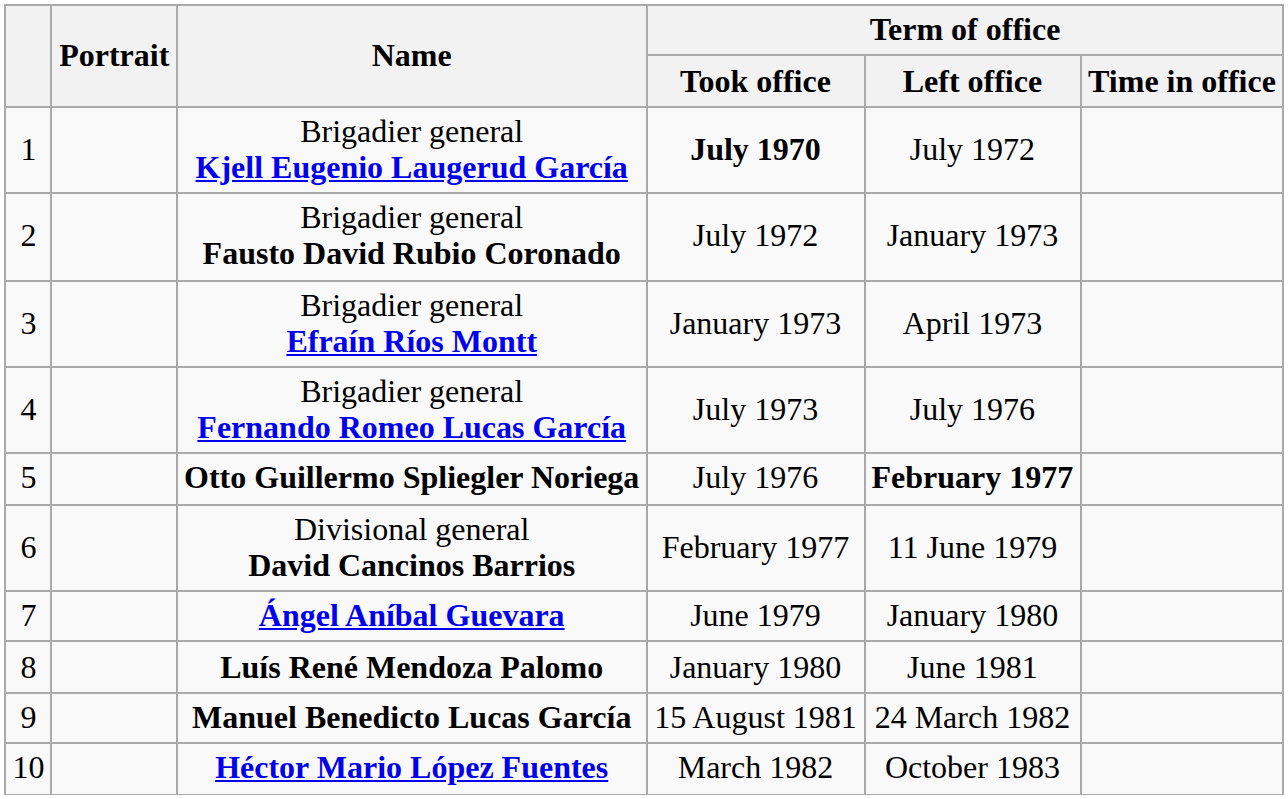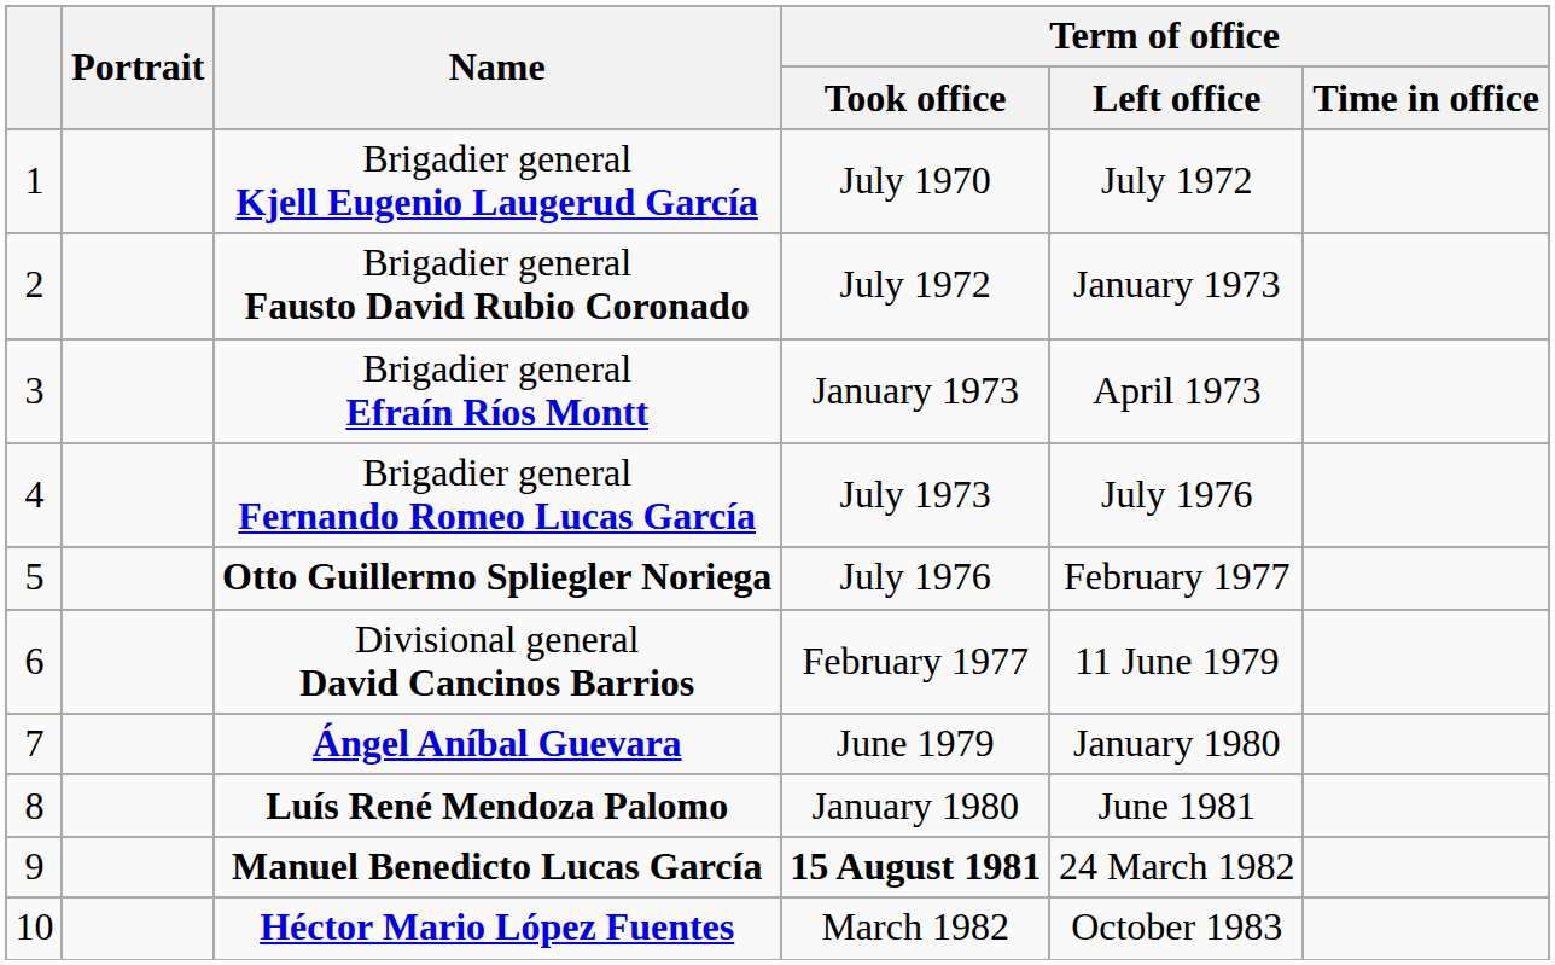 <table class="wikitable" style="text-align:center">
 <tr>
 <th rowspan=2></th>
 <th rowspan=2>Portrait</th>
 <th rowspan=2>Name<br></th>
 <th colspan=3>Term of office</th>
 </tr>
 <tr>
 <th>Took office</th>
 <th>Left office</th>
 <th>Time in office</th>
 </tr>
 <tr>
 <td>1</td>
 <td></td>
 <td>Brigadier general<br><strong><a href='#'>Kjell Eugenio Laugerud García</a></strong><br></td>
-<td><strong>July 1970</strong></td>
+<td>July 1970</td>
 <td>July 1972</td>
 <td></td>
 </tr>
 <tr>
 <td>2</td>
 <td></td>
 <td>Brigadier general<br><strong>Fausto David Rubio Coronado</strong></td>
 <td>July 1972</td>
 <td>January 1973</td>
 <td></td>
 </tr>
 <tr>
 <td>3</td>
 <td></td>
 <td>Brigadier general<br><strong><a href='#'>Efraín Ríos Montt</a></strong><br></td>
 <td>January 1973</td>
 <td>April 1973</td>
 <td></td>
 </tr>
 <tr>
 <td>4</td>
 <td></td>
 <td>Brigadier general<br><strong><a href='#'>Fernando Romeo Lucas García</a></strong><br></td>
 <td>July 1973</td>
 <td>July 1976</td>
 <td></td>
 </tr>
 <tr>
 <td>5</td>
 <td></td>
 <td><strong>Otto Guillermo Spliegler Noriega</strong></td>
 <td>July 1976</td>
-<td><strong>February 1977</strong></td>
+<td>February 1977</td>
 <td></td>
 </tr>
 <tr>
 <td>6</td>
 <td></td>
 <td>Divisional general<br><strong>David Cancinos Barrios</strong><br></td>
 <td>February 1977</td>
 <td>11 June 1979</td>
 <td></td>
 </tr>
 <tr>
 <td>7</td>
 <td></td>
 <td><strong><a href='#'>Ángel Aníbal Guevara</a></strong><br></td>
 <td>June 1979</td>
 <td>January 1980</td>
 <td></td>
 </tr>
 <tr>
 <td>8</td>
 <td></td>
 <td><strong>Luís René Mendoza Palomo</strong></td>
 <td>January 1980</td>
 <td>June 1981</td>
 <td></td>
 </tr>
 <tr>
 <td>9</td>
 <td></td>
 <td><strong>Manuel Benedicto Lucas García</strong></td>
-<td>15 August 1981</td>
+<td><strong>15 August 1981</strong></td>
 <td>24 March 1982</td>
 <td></td>
 </tr>
 <tr>
 <td>10</td>
 <td></td>
 <td><strong><a href='#'>Héctor Mario López Fuentes</a></strong><br></td>
 <td>March 1982</td>
 <td>October 1983</td>
 <td></td>
 </tr>
 </table>
